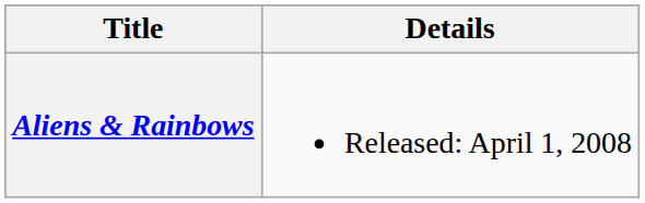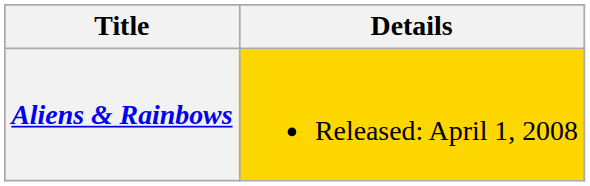 <table class="wikitable plainrowheaders">
 <tr>
 <th>Title</th>
 <th>Details</th>
 </tr>
 <tr>
 <th scope="row"><em><a href='#'>Aliens & Rainbows</a></em></th>
-<td><br><ul><li>Released: April 1, 2008</li></ul></td>
+<td style="background: gold;"><br><ul><li>Released: April 1, 2008</li></ul></td>
 </tr>
 </table>
